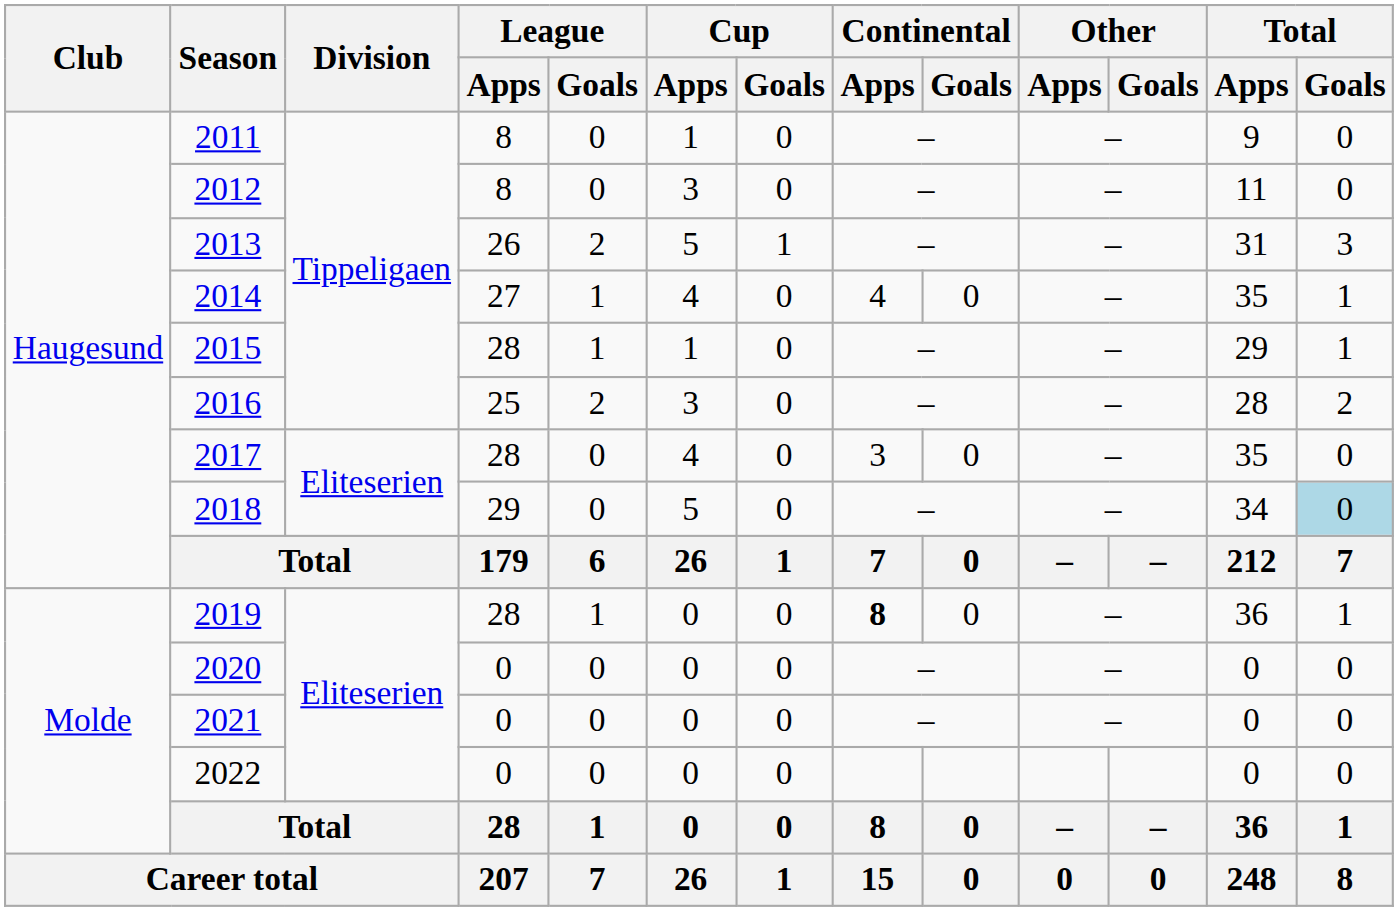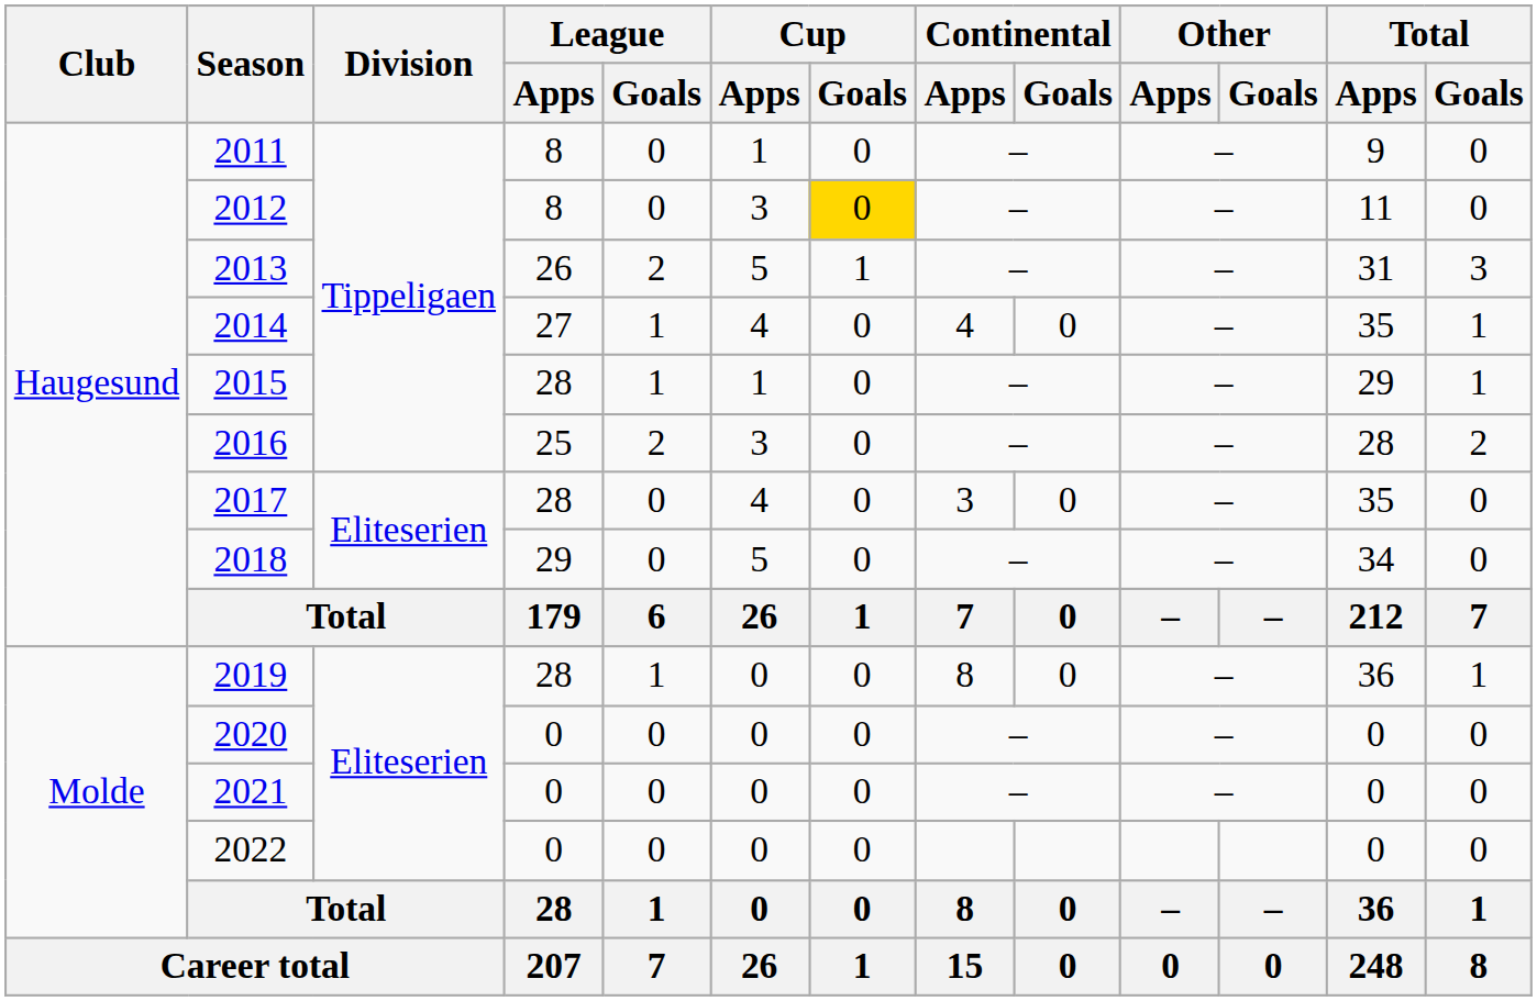 <table class="wikitable" style="text-align: center;">
 <tr>
 <th rowspan="2">Club</th>
 <th rowspan="2">Season</th>
 <th rowspan="2">Division</th>
 <th colspan="2">League</th>
 <th colspan="2">Cup</th>
 <th colspan="2">Continental</th>
 <th colspan="2">Other</th>
 <th colspan="2">Total</th>
 </tr>
 <tr>
 <th>Apps</th>
 <th>Goals</th>
 <th>Apps</th>
 <th>Goals</th>
 <th>Apps</th>
 <th>Goals</th>
 <th>Apps</th>
 <th>Goals</th>
 <th>Apps</th>
 <th>Goals</th>
 </tr>
 <tr>
 <td rowspan="9" valign="center"><a href='#'>Haugesund</a></td>
 <td><a href='#'>2011</a></td>
 <td rowspan="6" valign="center"><a href='#'>Tippeligaen</a></td>
 <td>8</td>
 <td>0</td>
 <td>1</td>
 <td>0</td>
 <td colspan="2">–</td>
 <td colspan="2">–</td>
 <td>9</td>
 <td>0</td>
 </tr>
 <tr>
 <td><a href='#'>2012</a></td>
 <td>8</td>
 <td>0</td>
 <td>3</td>
-<td>0</td>
+<td style="background: gold;">0</td>
 <td colspan="2">–</td>
 <td colspan="2">–</td>
 <td>11</td>
 <td>0</td>
 </tr>
 <tr>
 <td><a href='#'>2013</a></td>
 <td>26</td>
 <td>2</td>
 <td>5</td>
 <td>1</td>
 <td colspan="2">–</td>
 <td colspan="2">–</td>
 <td>31</td>
 <td>3</td>
 </tr>
 <tr>
 <td><a href='#'>2014</a></td>
 <td>27</td>
 <td>1</td>
 <td>4</td>
 <td>0</td>
 <td>4</td>
 <td>0</td>
 <td colspan="2">–</td>
 <td>35</td>
 <td>1</td>
 </tr>
 <tr>
 <td><a href='#'>2015</a></td>
 <td>28</td>
 <td>1</td>
 <td>1</td>
 <td>0</td>
 <td colspan="2">–</td>
 <td colspan="2">–</td>
 <td>29</td>
 <td>1</td>
 </tr>
 <tr>
 <td><a href='#'>2016</a></td>
 <td>25</td>
 <td>2</td>
 <td>3</td>
 <td>0</td>
 <td colspan="2">–</td>
 <td colspan="2">–</td>
 <td>28</td>
 <td>2</td>
 </tr>
 <tr>
 <td><a href='#'>2017</a></td>
 <td rowspan="2" valign="center"><a href='#'>Eliteserien</a></td>
 <td>28</td>
 <td>0</td>
 <td>4</td>
 <td>0</td>
 <td>3</td>
 <td>0</td>
 <td colspan="2">–</td>
 <td>35</td>
 <td>0</td>
 </tr>
 <tr>
 <td><a href='#'>2018</a></td>
 <td>29</td>
 <td>0</td>
 <td>5</td>
 <td>0</td>
 <td colspan="2">–</td>
 <td colspan="2">–</td>
 <td>34</td>
-<td style="background: lightblue;">0</td>
+<td>0</td>
 </tr>
 <tr>
 <th colspan="2">Total</th>
 <th>179</th>
 <th>6</th>
 <th>26</th>
 <th>1</th>
 <th>7</th>
 <th>0</th>
 <th>–</th>
 <th>–</th>
 <th>212</th>
 <th>7</th>
 </tr>
 <tr>
 <td rowspan="5" valign="center"><a href='#'>Molde</a></td>
 <td><a href='#'>2019</a></td>
 <td rowspan="4" valign="center"><a href='#'>Eliteserien</a></td>
 <td>28</td>
 <td>1</td>
 <td>0</td>
 <td>0</td>
-<td><strong>8</strong></td>
+<td>8</td>
 <td>0</td>
 <td colspan="2">–</td>
 <td>36</td>
 <td>1</td>
 </tr>
 <tr>
 <td><a href='#'>2020</a></td>
 <td>0</td>
 <td>0</td>
 <td>0</td>
 <td>0</td>
 <td colspan="2">–</td>
 <td colspan="2">–</td>
 <td>0</td>
 <td>0</td>
 </tr>
 <tr>
 <td><a href='#'>2021</a></td>
 <td>0</td>
 <td>0</td>
 <td>0</td>
 <td>0</td>
 <td colspan="2">–</td>
 <td colspan="2">–</td>
 <td>0</td>
 <td>0</td>
 </tr>
 <tr>
 <td>2022</td>
 <td>0</td>
 <td>0</td>
 <td>0</td>
 <td>0</td>
 <td></td>
 <td></td>
 <td></td>
 <td></td>
 <td>0</td>
 <td>0</td>
 </tr>
 <tr>
 <th colspan="2">Total</th>
 <th>28</th>
 <th>1</th>
 <th>0</th>
 <th>0</th>
 <th>8</th>
 <th>0</th>
 <th>–</th>
 <th>–</th>
 <th>36</th>
 <th>1</th>
 </tr>
 <tr>
 <th colspan="3">Career total</th>
 <th>207</th>
 <th>7</th>
 <th>26</th>
 <th>1</th>
 <th>15</th>
 <th>0</th>
 <th>0</th>
 <th>0</th>
 <th>248</th>
 <th>8</th>
 </tr>
 </table>
